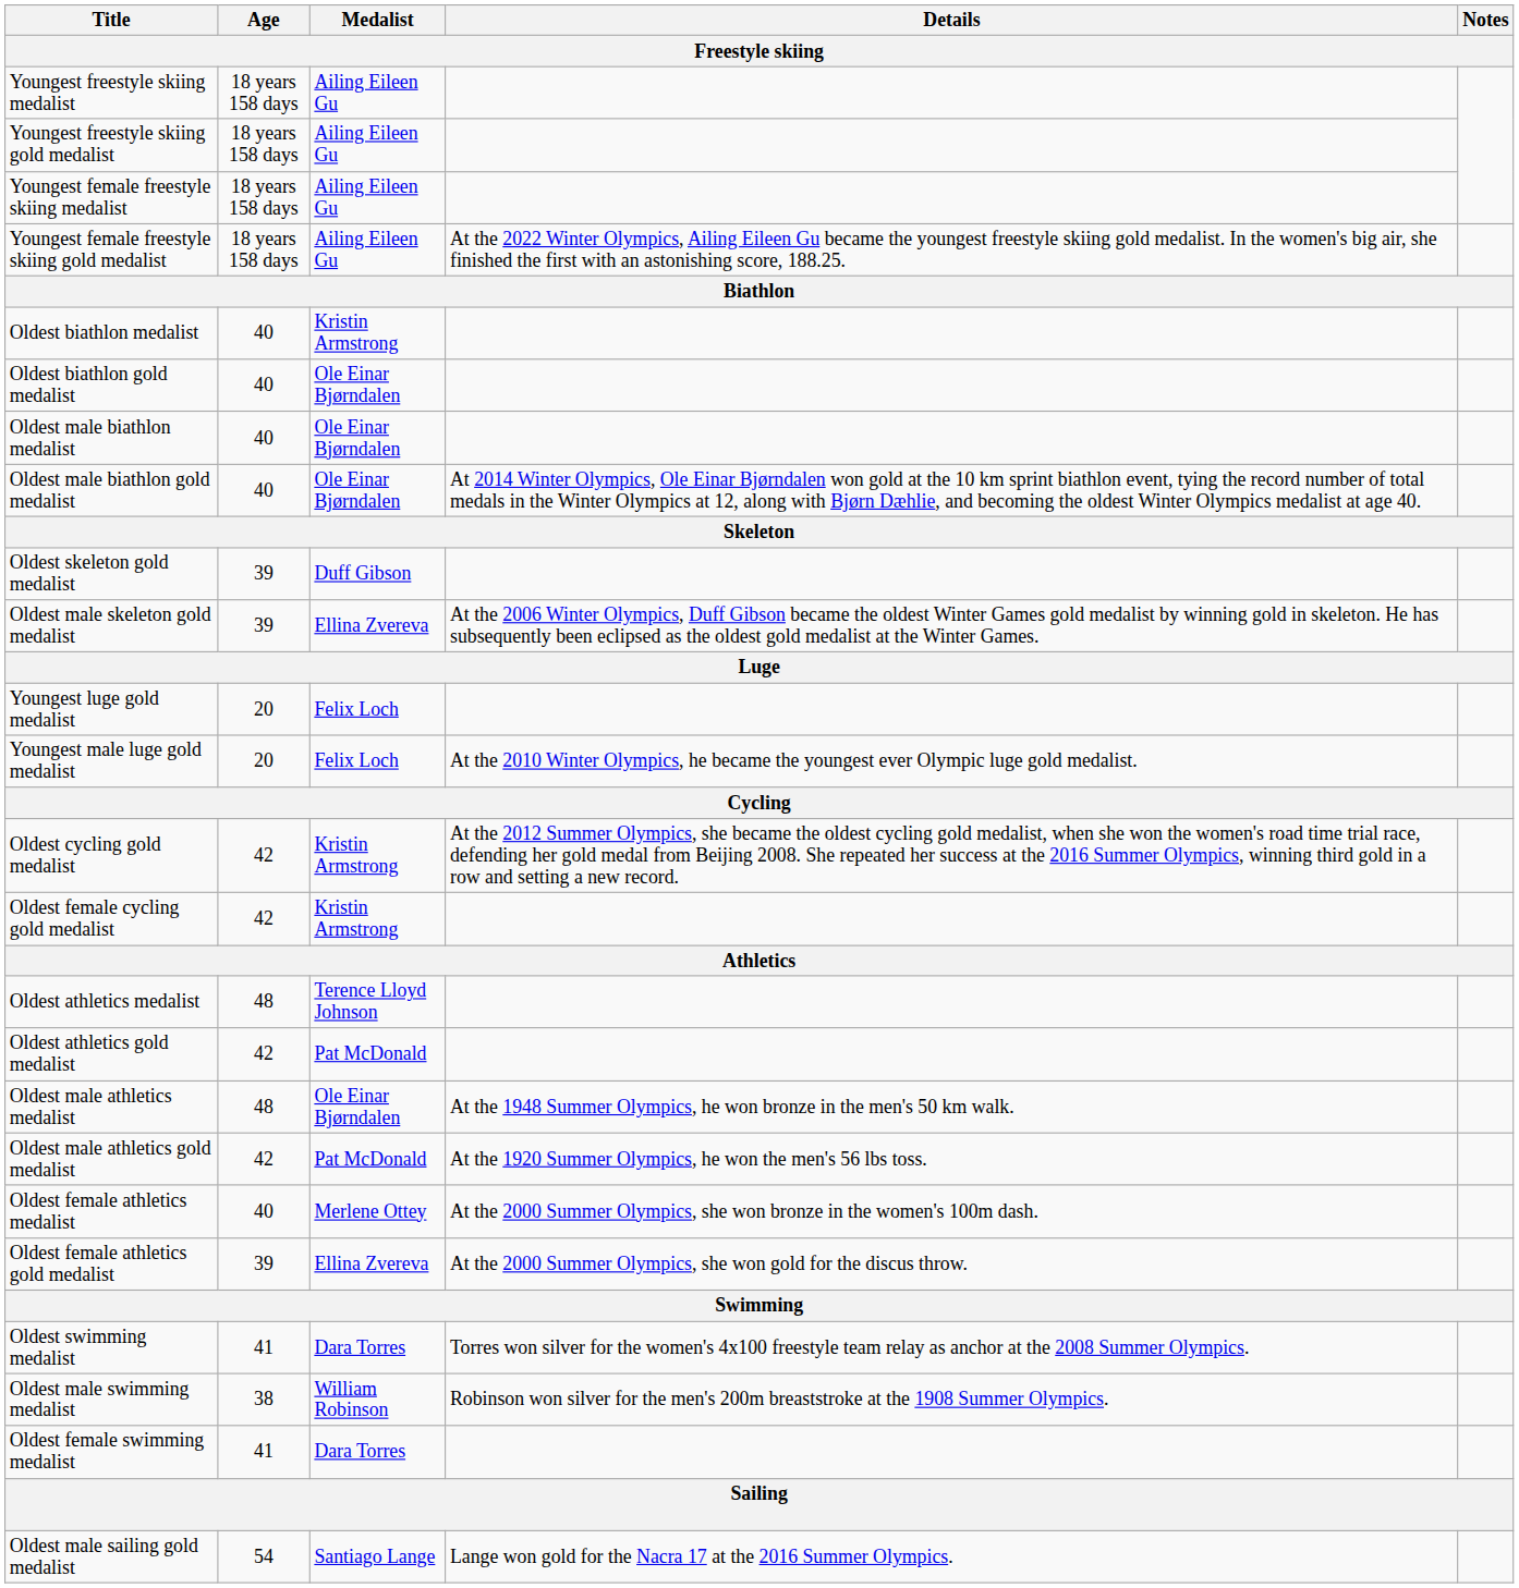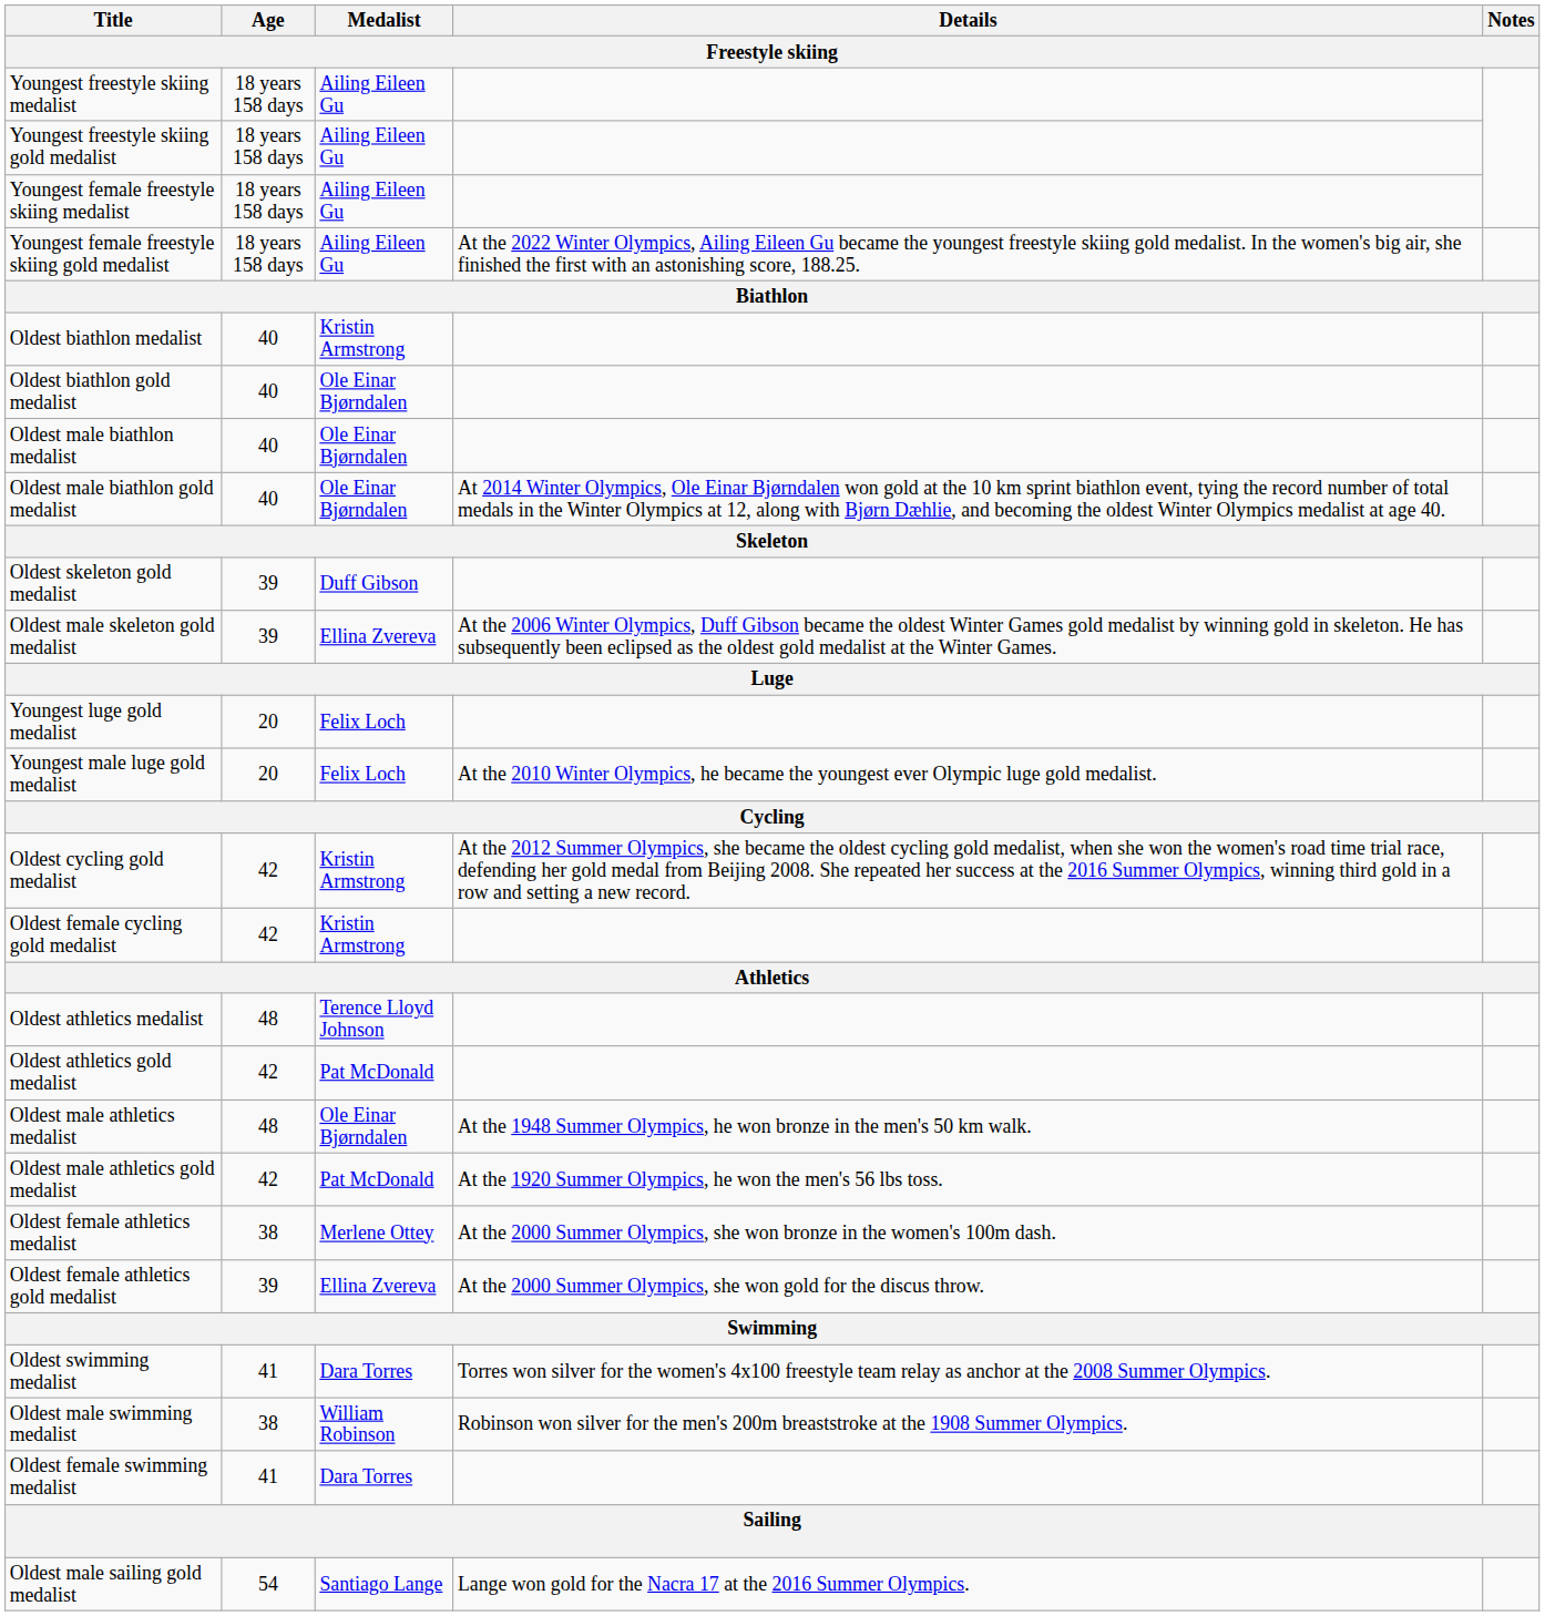 <table class=wikitable>
 <tr>
 <th>Title</th>
 <th>Age</th>
 <th>Medalist</th>
 <th>Details</th>
 <th>Notes</th>
 </tr>
 <tr>
 <th colspan=5>Freestyle skiing</th>
 </tr>
 <tr>
 <td>Youngest freestyle skiing medalist</td>
 <td align=center>18 years 158 days</td>
 <td><a href='#'>Ailing Eileen Gu</a></td>
 <td></td>
 </tr>
 <tr>
 <td>Youngest freestyle skiing gold medalist</td>
 <td align=center>18 years 158 days</td>
 <td><a href='#'>Ailing Eileen Gu</a></td>
 <td><br></td>
 </tr>
 <tr>
 <td>Youngest female freestyle skiing medalist</td>
 <td align=center>18 years 158 days</td>
 <td><a href='#'>Ailing Eileen Gu</a></td>
 <td></td>
 </tr>
 <tr>
 <td>Youngest female freestyle skiing gold medalist</td>
 <td align=center>18 years 158 days</td>
 <td><a href='#'>Ailing Eileen Gu</a></td>
 <td>At the <a href='#'>2022 Winter Olympics</a>, <a href='#'>Ailing Eileen Gu</a> became the youngest freestyle skiing gold medalist. In the women's big air, she finished the first with an astonishing score, 188.25.</td>
 <td><br></td>
 </tr>
 <tr>
 <th colspan=5>Biathlon<br></th>
 </tr>
 <tr>
 <td>Oldest biathlon medalist</td>
 <td align=center>40</td>
 <td><a href='#'>Kristin Armstrong</a></td>
 <td></td>
 <td></td>
 </tr>
 <tr>
 <td>Oldest biathlon gold medalist</td>
 <td align=center>40</td>
 <td><a href='#'>Ole Einar Bjørndalen</a></td>
 <td></td>
 <td></td>
 </tr>
 <tr>
 <td>Oldest male biathlon medalist</td>
 <td align=center>40</td>
 <td><a href='#'>Ole Einar Bjørndalen</a></td>
 <td></td>
 <td></td>
 </tr>
 <tr>
 <td>Oldest male biathlon gold medalist</td>
 <td align=center>40</td>
 <td><a href='#'>Ole Einar Bjørndalen</a></td>
 <td>At <a href='#'>2014 Winter Olympics</a>, <a href='#'>Ole Einar Bjørndalen</a> won gold at the 10 km sprint biathlon event, tying the record number of total medals in the Winter Olympics at 12, along with <a href='#'>Bjørn Dæhlie</a>, and becoming the oldest Winter Olympics medalist at age 40.</td>
 <td><br></td>
 </tr>
 <tr>
 <th colspan=5>Skeleton<br></th>
 </tr>
 <tr>
 <td>Oldest skeleton gold medalist</td>
 <td align=center>39</td>
 <td><a href='#'>Duff Gibson</a></td>
 <td></td>
 <td><br></td>
 </tr>
 <tr>
 <td>Oldest male skeleton gold medalist</td>
 <td align=center>39</td>
 <td><a href='#'>Ellina Zvereva</a></td>
 <td>At the <a href='#'>2006 Winter Olympics</a>, <a href='#'>Duff Gibson</a> became the oldest Winter Games gold medalist by winning gold in skeleton. He has subsequently been eclipsed as the oldest gold medalist at the Winter Games.</td>
 <td><br></td>
 </tr>
 <tr>
 <th colspan=5>Luge<br></th>
 </tr>
 <tr>
 <td>Youngest luge gold medalist</td>
 <td align=center>20</td>
 <td><a href='#'>Felix Loch</a></td>
 <td></td>
 <td><br></td>
 </tr>
 <tr>
 <td>Youngest male luge gold medalist</td>
 <td align=center>20</td>
 <td><a href='#'>Felix Loch</a></td>
 <td>At the <a href='#'>2010 Winter Olympics</a>, he became the youngest ever Olympic luge gold medalist.</td>
 <td><br></td>
 </tr>
 <tr>
 <th colspan=5>Cycling<br></th>
 </tr>
 <tr>
 <td>Oldest cycling gold medalist</td>
 <td align=center>42</td>
 <td><a href='#'>Kristin Armstrong</a></td>
 <td>At the <a href='#'>2012 Summer Olympics</a>, she became the oldest cycling gold medalist, when she won the women's road time trial race, defending her gold medal from Beijing 2008. She repeated her success at the <a href='#'>2016 Summer Olympics</a>, winning third gold in a row and setting a new record.</td>
 <td><br></td>
 </tr>
 <tr>
 <td>Oldest female cycling gold medalist</td>
 <td align=center>42</td>
 <td><a href='#'>Kristin Armstrong</a></td>
 <td></td>
 <td><br></td>
 </tr>
 <tr>
 <th colspan=5>Athletics</th>
 </tr>
 <tr>
 <td>Oldest athletics medalist</td>
 <td align=center>48</td>
 <td><a href='#'>Terence Lloyd Johnson</a></td>
 <td></td>
 <td></td>
 </tr>
 <tr>
 <td>Oldest athletics gold medalist</td>
 <td align=center>42</td>
 <td><a href='#'>Pat McDonald</a></td>
 <td></td>
 <td></td>
 </tr>
 <tr>
 <td>Oldest male athletics medalist</td>
 <td align=center>48</td>
 <td><a href='#'>Ole Einar Bjørndalen</a></td>
 <td>At the <a href='#'>1948 Summer Olympics</a>, he won bronze in the men's 50 km walk.</td>
 <td></td>
 </tr>
 <tr>
 <td>Oldest male athletics gold medalist</td>
 <td align=center>42</td>
 <td><a href='#'>Pat McDonald</a></td>
 <td>At the <a href='#'>1920 Summer Olympics</a>, he won the men's 56 lbs toss.</td>
 <td></td>
 </tr>
 <tr>
 <td>Oldest female athletics medalist</td>
-<td align=center>40</td>
+<td align=center>38</td>
 <td><a href='#'>Merlene Ottey</a></td>
 <td>At the <a href='#'>2000 Summer Olympics</a>, she won bronze in the women's 100m dash.</td>
 <td></td>
 </tr>
 <tr>
 <td>Oldest female athletics gold medalist</td>
 <td align=center>39</td>
 <td><a href='#'>Ellina Zvereva</a></td>
 <td>At the <a href='#'>2000 Summer Olympics</a>, she won gold for the discus throw.</td>
 <td><br></td>
 </tr>
 <tr>
 <th colspan=5>Swimming<br></th>
 </tr>
 <tr>
 <td>Oldest swimming medalist</td>
 <td align=center>41</td>
 <td><a href='#'>Dara Torres</a></td>
 <td>Torres won silver for the women's 4x100 freestyle team relay as anchor at the <a href='#'>2008 Summer Olympics</a>.</td>
 <td><br></td>
 </tr>
 <tr>
 <td>Oldest male swimming medalist</td>
 <td align=center>38</td>
 <td><a href='#'>William Robinson</a></td>
 <td>Robinson won silver for the men's 200m breaststroke at the <a href='#'>1908 Summer Olympics</a>.</td>
 <td><br></td>
 </tr>
 <tr>
 <td>Oldest female swimming medalist</td>
 <td align=center>41</td>
 <td><a href='#'>Dara Torres</a></td>
 <td></td>
 <td><br></td>
 </tr>
 <tr>
 <th colspan=5>Sailing<br><br></th>
 </tr>
 <tr>
 <td>Oldest male sailing gold medalist</td>
 <td align=center>54</td>
 <td><a href='#'>Santiago Lange</a></td>
 <td>Lange won gold for the <a href='#'>Nacra 17</a> at the <a href='#'>2016 Summer Olympics</a>.</td>
 <td><br> </td>
 </tr>
 </table>
